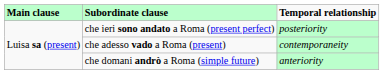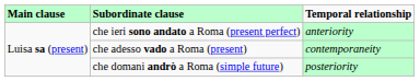 <table class="wikitable">
 <tr>
 <td style="background: #BBFFCC;"><strong>Main clause</strong></td>
 <td style="background: #BBFFCC;"><strong>Subordinate clause</strong></td>
 <td><strong>Temporal relationship</strong></td>
 </tr>
 <tr>
 <td rowspan=3>Luisa <strong>sa</strong> (<a href='#'>present</a>)</td>
 <td>che ieri <strong>sono andato</strong> a Roma (<a href='#'>present perfect</a>)</td>
-<td style="background: #BBFFCC;"><em>posteriority</em></td>
+<td style="background: #BBFFCC;"><em>anteriority</em></td>
 </tr>
 <tr>
 <td>che adesso <strong>vado</strong> a Roma (<a href='#'>present</a>)</td>
 <td style="background: #BBFFCC;"><em>contemporaneity</em></td>
 </tr>
 <tr>
 <td>che domani <strong>andrò</strong> a Roma (<a href='#'>simple future</a>)</td>
-<td style="background: #BBFFCC;"><em>anteriority</em></td>
+<td style="background: #BBFFCC;"><em>posteriority</em></td>
 </tr>
 </table>
